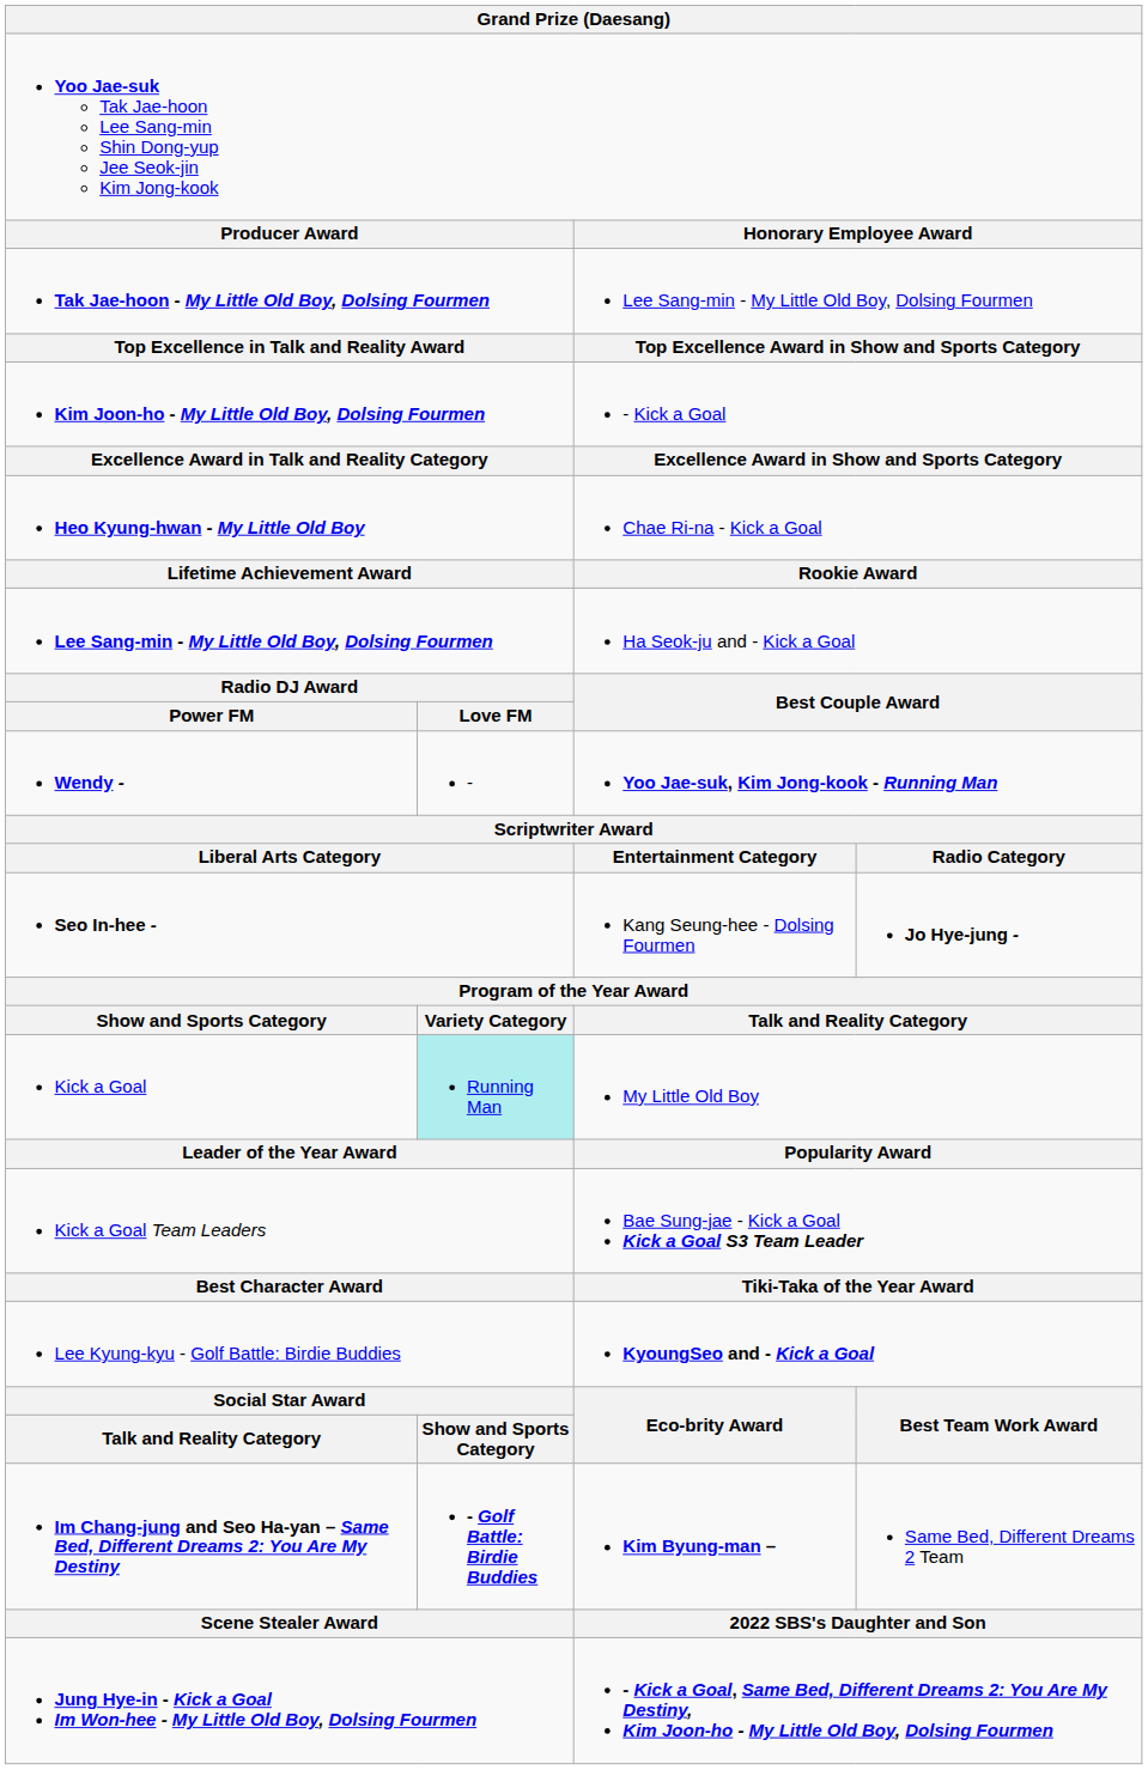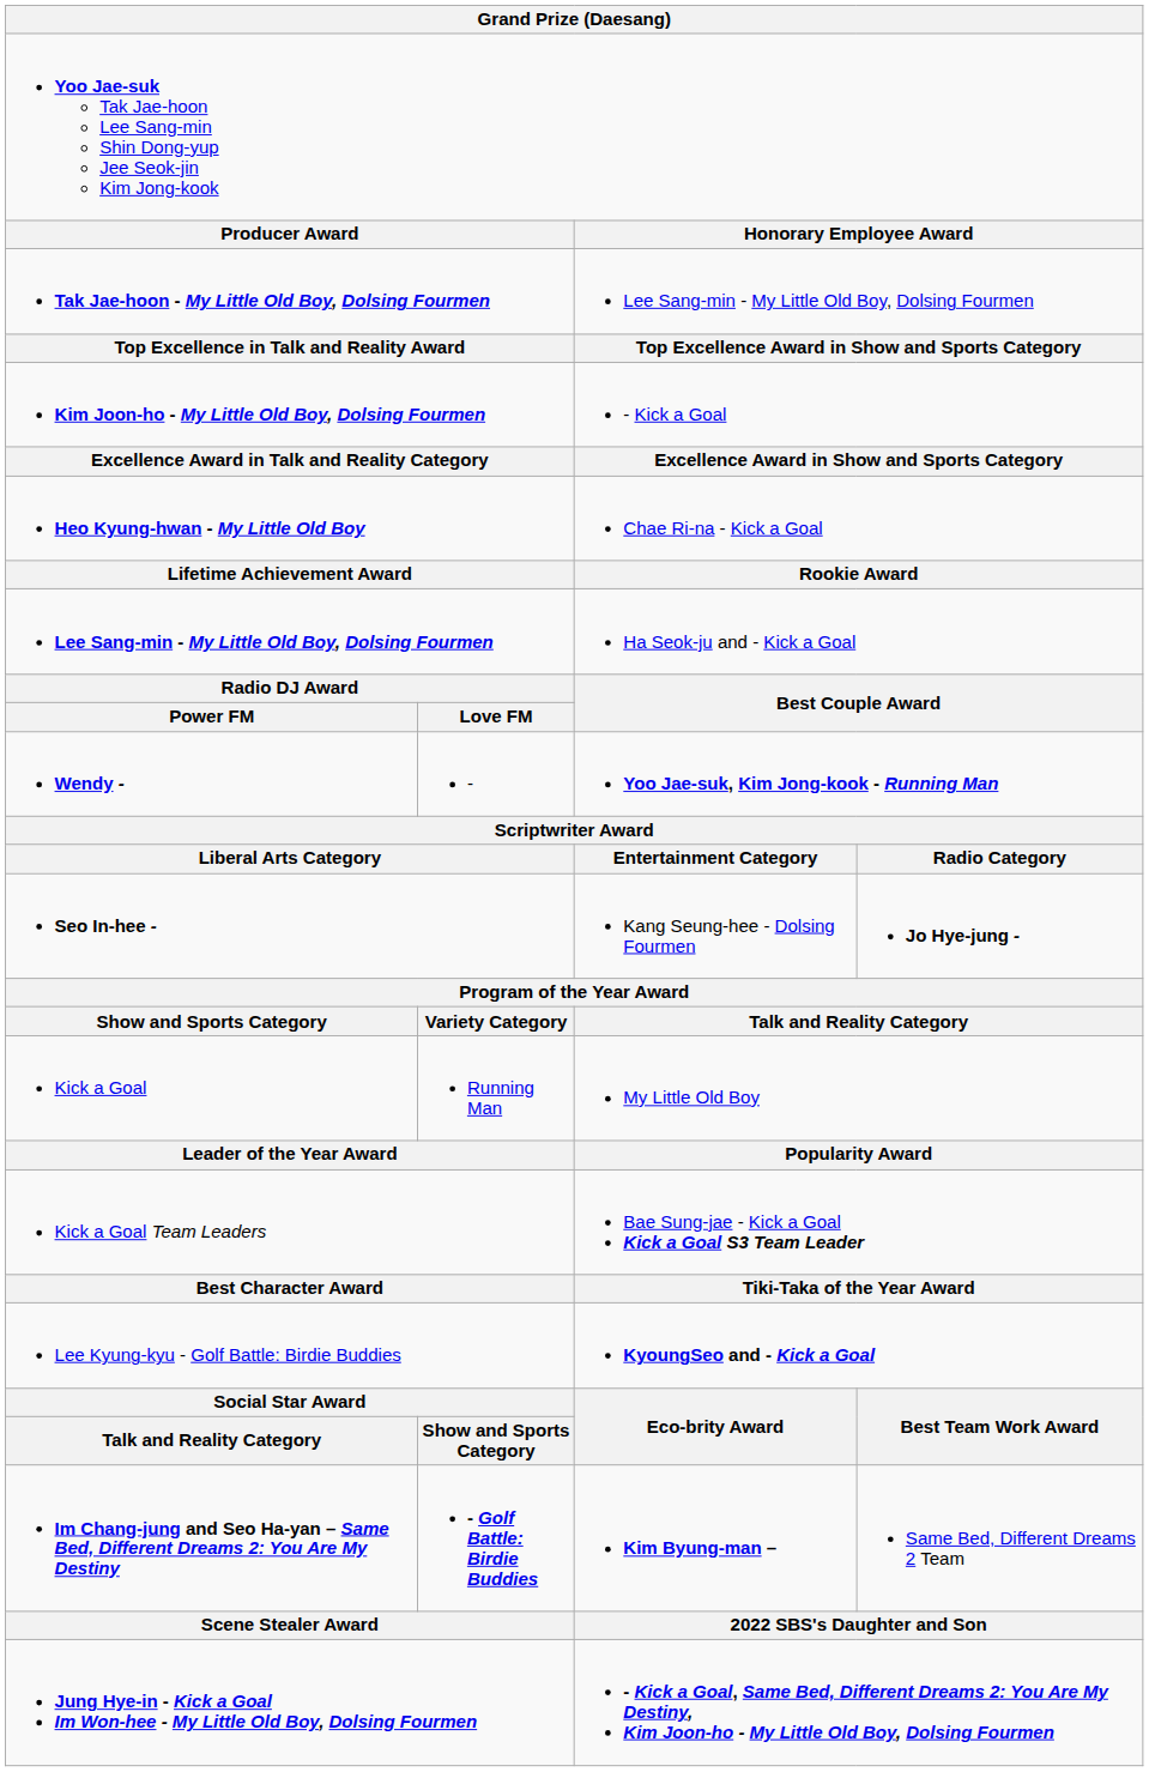 <table class="wikitable" style="width:80%;">
 <tr>
 <th colspan="4" scope="col">Grand Prize (Daesang)</th>
 </tr>
 <tr>
 <td colspan="4"><br><ul><li><strong><a href='#'>Yoo Jae-suk</a></strong><ul><li><a href='#'>Tak Jae-hoon</a></li><li><a href='#'>Lee Sang-min</a></li><li><a href='#'>Shin Dong-yup</a></li><li><a href='#'>Jee Seok-jin</a></li><li><a href='#'>Kim Jong-kook</a></li></ul></li></ul></td>
 </tr>
 <tr>
 <th colspan="2" style="width:40%">Producer Award</th>
 <th colspan="2" style="width:40%">Honorary Employee Award</th>
 </tr>
 <tr>
 <td colspan="2"><br><ul><li><strong><a href='#'>Tak Jae-hoon</a> - <em><a href='#'>My Little Old Boy</a>, <a href='#'>Dolsing Fourmen</a><strong><em></li></ul></td>
 <td colspan="2"><br><ul><li></strong><a href='#'>Lee Sang-min</a> - </em><a href='#'>My Little Old Boy</a>, <a href='#'>Dolsing Fourmen</a></em></strong></li></ul></td>
 </tr>
 <tr>
 <th colspan="2" scope="col">Top Excellence in Talk and Reality Award</th>
 <th colspan="2">Top Excellence Award in Show and Sports Category</th>
 </tr>
 <tr>
 <td colspan="2" valign="top"><br><ul><li><strong><a href='#'>Kim Joon-ho</a> - <em><a href='#'>My Little Old Boy</a>, <a href='#'>Dolsing Fourmen</a><strong><em></li></ul></td>
 <td colspan="2"><br><ul><li></strong> - </em><a href='#'>Kick a Goal</a></em></strong></li></ul></td>
 </tr>
 <tr>
 <th colspan="2" scope="col">Excellence Award in Talk and Reality Category</th>
 <th colspan="2">Excellence Award in Show and Sports Category</th>
 </tr>
 <tr>
 <td colspan="2" valign="top"><br><ul><li><strong><a href='#'>Heo Kyung-hwan</a> - <em><a href='#'>My Little Old Boy</a><strong><em></li></ul></td>
 <td colspan="2"><br><ul><li></strong><a href='#'>Chae Ri-na</a> - </em><a href='#'>Kick a Goal</a></em></strong></li></ul></td>
 </tr>
 <tr>
 <th colspan="2">Lifetime Achievement Award</th>
 <th colspan="2">Rookie Award</th>
 </tr>
 <tr>
 <td colspan="2"><br><ul><li><strong><a href='#'>Lee Sang-min</a> - <em><a href='#'>My Little Old Boy</a>, <a href='#'>Dolsing Fourmen</a><strong><em></li></ul></td>
 <td colspan="2"><br><ul><li></strong><a href='#'>Ha Seok-ju</a> and  - </em><a href='#'>Kick a Goal</a></em></strong></li></ul></td>
 </tr>
 <tr>
 <th colspan="2" scope="col">Radio DJ Award</th>
 <th colspan="2" rowspan="2">Best Couple Award</th>
 </tr>
 <tr>
 <th>Power FM</th>
 <th>Love FM</th>
 </tr>
 <tr>
 <td valign="top"><br><ul><li><strong><a href='#'>Wendy</a> <em>-  <strong><em></li></ul></td>
 <td><br><ul><li></strong> </em>-  </em></strong></li></ul></td>
 <td colspan="2"><br><ul><li><strong><a href='#'>Yoo Jae-suk</a>, <a href='#'>Kim Jong-kook</a> - <a href='#'><em>Running Man</em></a></strong></li></ul></td>
 </tr>
 <tr>
 <th colspan="4" scope="col">Scriptwriter Award</th>
 </tr>
 <tr>
 <th colspan="2">Liberal Arts Category</th>
 <th>Entertainment Category</th>
 <th>Radio Category</th>
 </tr>
 <tr>
 <td colspan="2" valign="top"><br><ul><li><strong>Seo In-hee <em>- <strong><em></li></ul></td>
 <td><br><ul><li></strong>Kang Seung-hee </em>- <a href='#'>Dolsing Fourmen</a></em></strong></li></ul></td>
 <td><br><ul><li><strong>Jo Hye-jung <em>- <strong><em></li></ul></td>
 </tr>
 <tr>
 <th colspan="4">Program of the Year Award</th>
 </tr>
 <tr>
 <th scope="col">Show and Sports Category</th>
 <th>Variety Category</th>
 <th colspan="2">Talk and Reality Category</th>
 </tr>
 <tr>
 <td valign="top"><br><ul><li></em></strong><a href='#'>Kick a Goal</a><strong><em></li></ul></td>
-<td style="background: paleturquoise;"><br><ul><li></em></strong><a href='#'>Running Man</a><strong><em></li></ul></td>
+<td><br><ul><li></em></strong><a href='#'>Running Man</a><strong><em></li></ul></td>
 <td colspan="2"><br><ul><li></em></strong><a href='#'>My Little Old Boy</a><strong><em></li></ul></td>
 </tr>
 <tr>
 <th colspan="2" style="width:40%">Leader of the Year Award</th>
 <th colspan="2">Popularity Award</th>
 </tr>
 <tr>
 <td colspan="2"><br><ul><li></em></strong><a href='#'>Kick a Goal</a><strong><em> </strong>Team Leaders<strong> </li></ul></td>
 <td colspan="2"><br><ul><li></strong><a href='#'>Bae Sung-jae</a> - </em><a href='#'>Kick a Goal</a></em></strong></li><li><strong><em><a href='#'>Kick a Goal</a> S3<em> Team Leader<strong></li></ul></td>
 </tr>
 <tr>
 <th colspan="2">Best Character Award</th>
 <th colspan="2">Tiki-Taka of the Year Award</th>
 </tr>
 <tr>
 <td colspan="2"><br><ul><li></strong><a href='#'>Lee Kyung-kyu</a> - </em><a href='#'>Golf Battle: Birdie Buddies</a></em></strong></li></ul></td>
 <td colspan="2"><br><ul><li><strong><a href='#'>KyoungSeo</a> and  -</strong> <strong><em><a href='#'>Kick a Goal</a></em></strong></li></ul></td>
 </tr>
 <tr>
 <th colspan="2">Social Star Award</th>
 <th rowspan="2">Eco-brity Award</th>
 <th rowspan="2">Best Team Work Award</th>
 </tr>
 <tr>
 <th>Talk and Reality Category</th>
 <th>Show and Sports Category</th>
 </tr>
 <tr>
 <td><br><ul><li><strong><a href='#'>Im Chang-jung</a> and Seo Ha-yan – <em><a href='#'>Same Bed, Different Dreams 2: You Are My Destiny</a></em> </strong></li></ul></td>
 <td><br><ul><li><strong> - <em><a href='#'>Golf Battle: Birdie Buddies</a></em> </strong></li></ul></td>
 <td><br><ul><li><strong><a href='#'>Kim Byung-man</a> – <em><strong><em></li></ul></td>
 <td><br><ul><li></em></strong><a href='#'>Same Bed, Different Dreams 2</a></em> Team</strong></li></ul></td>
 </tr>
 <tr>
 <th colspan="2">Scene Stealer Award</th>
 <th colspan="2">2022 SBS's Daughter and Son</th>
 </tr>
 <tr>
 <td colspan="2"><br><ul><li><strong><a href='#'>Jung Hye-in</a> - <em><a href='#'>Kick a Goal</a><strong><em></li><li></strong><a href='#'>Im Won-hee</a> - </em><a href='#'>My Little Old Boy</a>, <a href='#'>Dolsing Fourmen</a></em></strong></li></ul></td>
 <td colspan="2"><br><ul><li><strong> -  <em><a href='#'>Kick a Goal</a></em>, <em><a href='#'>Same Bed, Different Dreams 2: You Are My Destiny</a>, <strong><em></li><li></strong><a href='#'>Kim Joon-ho</a> - </em><a href='#'>My Little Old Boy</a>, <a href='#'>Dolsing Fourmen</a></em></strong></li></ul></td>
 </tr>
 </table>
